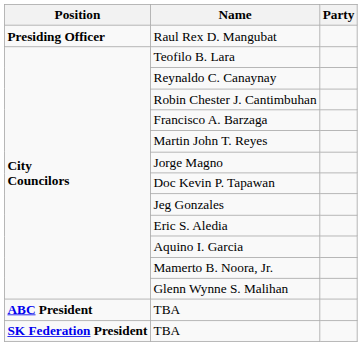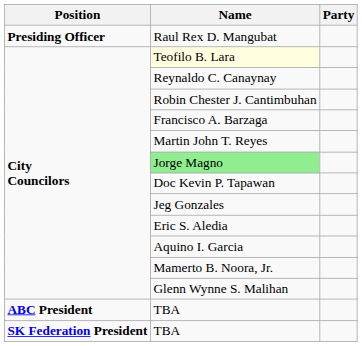 <table class=wikitable>
 <tr>
 <th>Position</th>
 <th>Name</th>
 <th colspan=2>Party</th>
 </tr>
 <tr>
 <td><strong>Presiding Officer</strong></td>
 <td>Raul Rex D. Mangubat</td>
 <td></td>
 </tr>
 <tr>
 <td rowspan=12><strong>City<br>Councilors</strong></td>
-<td>Teofilo B. Lara</td>
+<td style="background: lightyellow;">Teofilo B. Lara</td>
 <td></td>
 </tr>
 <tr>
 <td>Reynaldo C. Canaynay</td>
 <td></td>
 </tr>
 <tr>
 <td>Robin Chester J. Cantimbuhan</td>
 <td></td>
 </tr>
 <tr>
 <td>Francisco A. Barzaga</td>
 <td></td>
 </tr>
 <tr>
 <td>Martin John T. Reyes</td>
 <td></td>
 </tr>
 <tr>
-<td>Jorge Magno</td>
+<td style="background: lightgreen;">Jorge Magno</td>
 <td></td>
 </tr>
 <tr>
 <td>Doc Kevin P. Tapawan</td>
 <td></td>
 </tr>
 <tr>
 <td>Jeg Gonzales</td>
 <td></td>
 </tr>
 <tr>
 <td>Eric S. Aledia</td>
 <td></td>
 </tr>
 <tr>
 <td>Aquino I. Garcia</td>
 <td></td>
 </tr>
 <tr>
 <td>Mamerto B. Noora, Jr.</td>
 <td></td>
 </tr>
 <tr>
 <td>Glenn Wynne S. Malihan</td>
 <td></td>
 </tr>
 <tr>
 <td><strong><a href='#'>ABC</a> President</strong></td>
 <td>TBA</td>
 <td></td>
 </tr>
 <tr>
 <td><strong><a href='#'>SK Federation</a> President</strong></td>
 <td>TBA</td>
 <td></td>
 </tr>
 </table>
